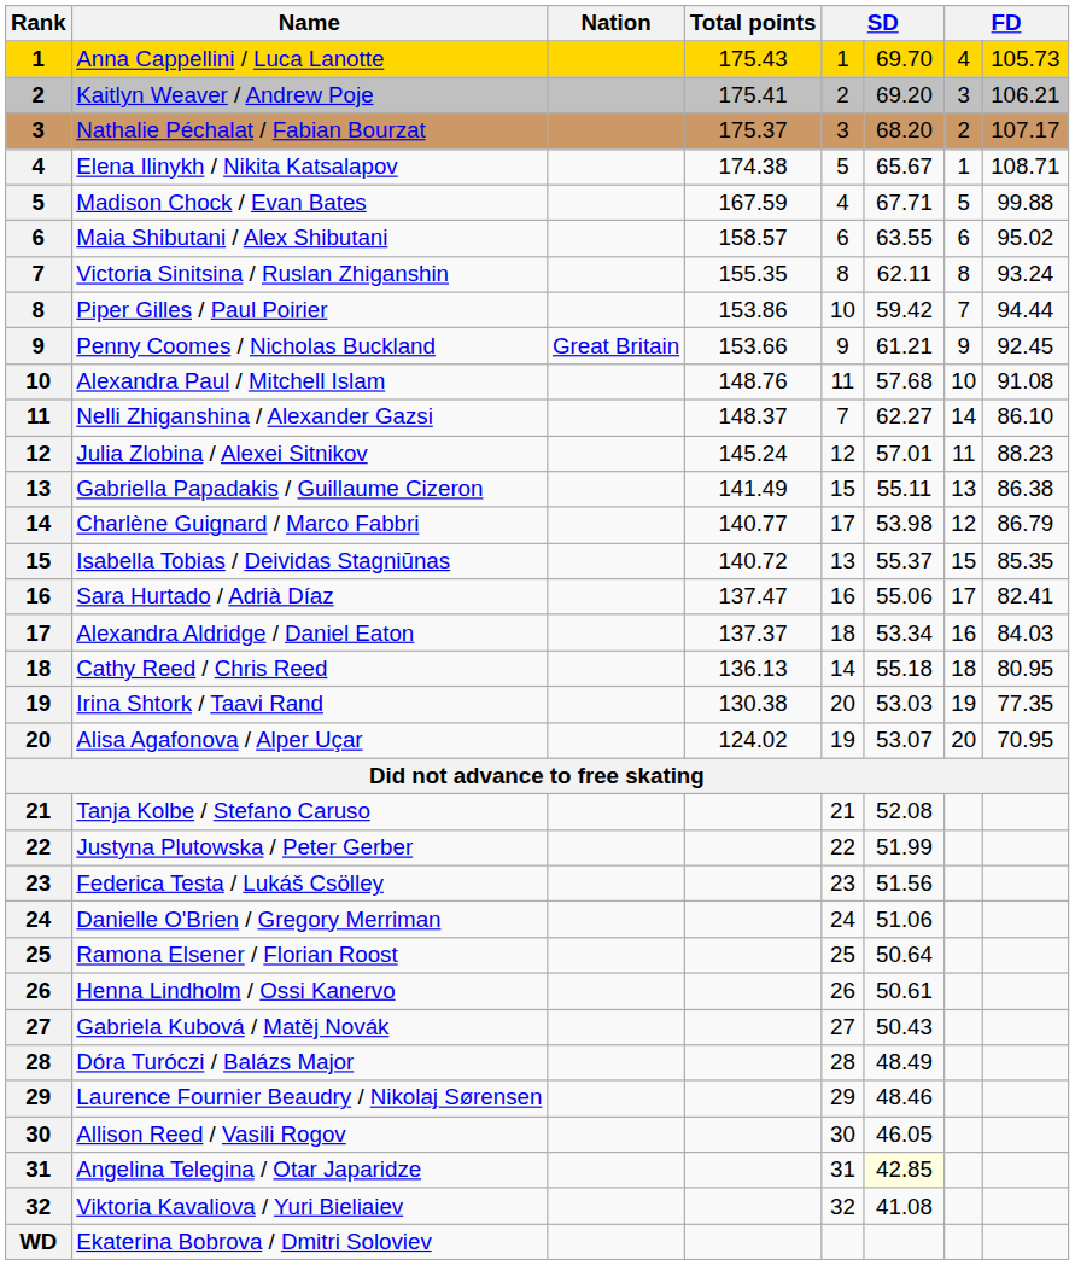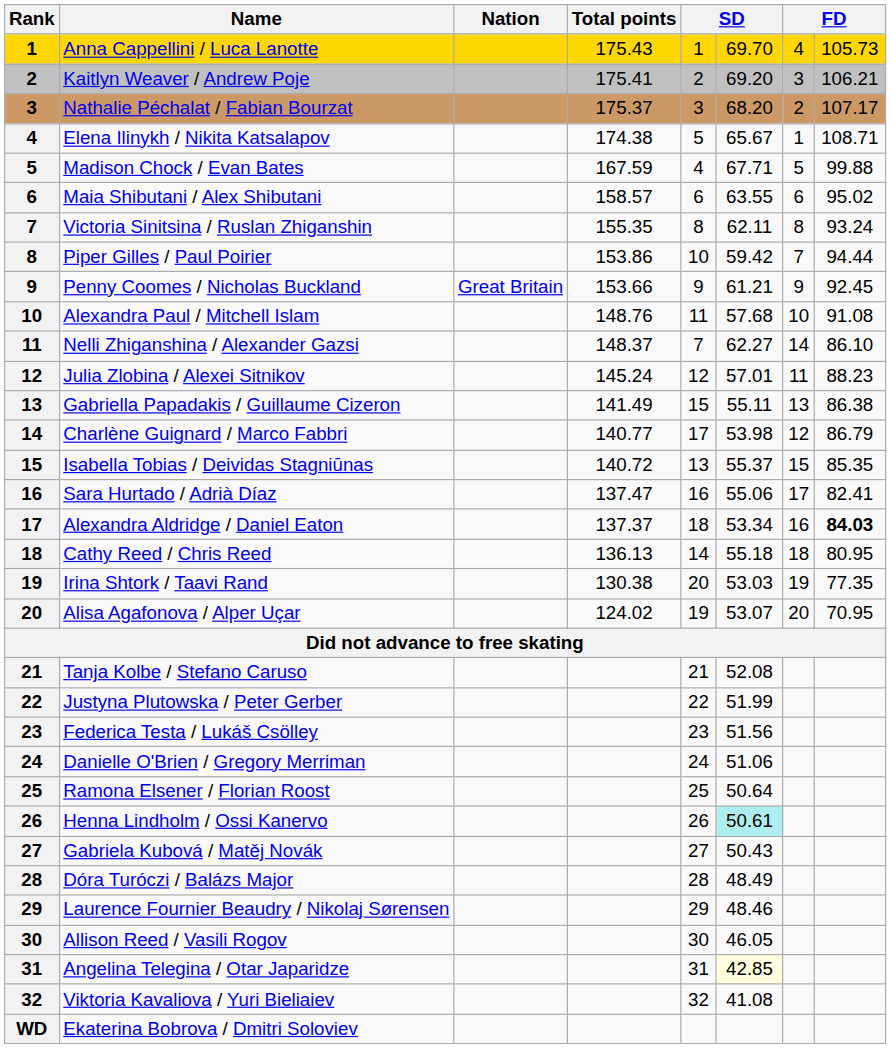 <table class="wikitable sortable">
 <tr>
 <th>Rank</th>
 <th>Name</th>
 <th>Nation</th>
 <th>Total points</th>
 <th colspan="2" width="80px"><a href='#'>SD</a></th>
 <th colspan="2" width="80px"><a href='#'>FD</a></th>
 </tr>
 <tr bgcolor="gold">
 <td align="center"><strong>1</strong></td>
 <td><a href='#'>Anna Cappellini</a> / <a href='#'>Luca Lanotte</a></td>
 <td></td>
 <td align="center">175.43</td>
 <td align="center">1</td>
 <td align="center">69.70</td>
 <td align="center">4</td>
 <td align="center">105.73</td>
 </tr>
 <tr bgcolor="silver">
 <td align="center"><strong>2</strong></td>
 <td><a href='#'>Kaitlyn Weaver</a> / <a href='#'>Andrew Poje</a></td>
 <td></td>
 <td align="center">175.41</td>
 <td align="center">2</td>
 <td align="center">69.20</td>
 <td align="center">3</td>
 <td align="center">106.21</td>
 </tr>
 <tr bgcolor="cc9966">
 <td align="center"><strong>3</strong></td>
 <td><a href='#'>Nathalie Péchalat</a> / <a href='#'>Fabian Bourzat</a></td>
 <td></td>
 <td align="center">175.37</td>
 <td align="center">3</td>
 <td align="center">68.20</td>
 <td align="center">2</td>
 <td align="center">107.17</td>
 </tr>
 <tr>
 <th>4</th>
 <td><a href='#'>Elena Ilinykh</a> / <a href='#'>Nikita Katsalapov</a></td>
 <td></td>
 <td align="center">174.38</td>
 <td align="center">5</td>
 <td align="center">65.67</td>
 <td align="center">1</td>
 <td align="center">108.71</td>
 </tr>
 <tr>
 <th>5</th>
 <td><a href='#'>Madison Chock</a> / <a href='#'>Evan Bates</a></td>
 <td></td>
 <td align="center">167.59</td>
 <td align="center">4</td>
 <td align="center">67.71</td>
 <td align="center">5</td>
 <td align="center">99.88</td>
 </tr>
 <tr>
 <th>6</th>
 <td><a href='#'>Maia Shibutani</a> / <a href='#'>Alex Shibutani</a></td>
 <td></td>
 <td align="center">158.57</td>
 <td align="center">6</td>
 <td align="center">63.55</td>
 <td align="center">6</td>
 <td align="center">95.02</td>
 </tr>
 <tr>
 <th>7</th>
 <td><a href='#'>Victoria Sinitsina</a> / <a href='#'>Ruslan Zhiganshin</a></td>
 <td></td>
 <td align="center">155.35</td>
 <td align="center">8</td>
 <td align="center">62.11</td>
 <td align="center">8</td>
 <td align="center">93.24</td>
 </tr>
 <tr>
 <th>8</th>
 <td><a href='#'>Piper Gilles</a> / <a href='#'>Paul Poirier</a></td>
 <td></td>
 <td align="center">153.86</td>
 <td align="center">10</td>
 <td align="center">59.42</td>
 <td align="center">7</td>
 <td align="center">94.44</td>
 </tr>
 <tr>
 <th>9</th>
 <td><a href='#'>Penny Coomes</a> / <a href='#'>Nicholas Buckland</a></td>
 <td> <a href='#'>Great Britain</a></td>
 <td align="center">153.66</td>
 <td align="center">9</td>
 <td align="center">61.21</td>
 <td align="center">9</td>
 <td align="center">92.45</td>
 </tr>
 <tr>
 <th>10</th>
 <td><a href='#'>Alexandra Paul</a> / <a href='#'>Mitchell Islam</a></td>
 <td></td>
 <td align="center">148.76</td>
 <td align="center">11</td>
 <td align="center">57.68</td>
 <td align="center">10</td>
 <td align="center">91.08</td>
 </tr>
 <tr>
 <th>11</th>
 <td><a href='#'>Nelli Zhiganshina</a> / <a href='#'>Alexander Gazsi</a></td>
 <td></td>
 <td align="center">148.37</td>
 <td align="center">7</td>
 <td align="center">62.27</td>
 <td align="center">14</td>
 <td align="center">86.10</td>
 </tr>
 <tr>
 <th>12</th>
 <td><a href='#'>Julia Zlobina</a> / <a href='#'>Alexei Sitnikov</a></td>
 <td></td>
 <td align="center">145.24</td>
 <td align="center">12</td>
 <td align="center">57.01</td>
 <td align="center">11</td>
 <td align="center">88.23</td>
 </tr>
 <tr>
 <th>13</th>
 <td><a href='#'>Gabriella Papadakis</a> / <a href='#'>Guillaume Cizeron</a></td>
 <td></td>
 <td align="center">141.49</td>
 <td align="center">15</td>
 <td align="center">55.11</td>
 <td align="center">13</td>
 <td align="center">86.38</td>
 </tr>
 <tr>
 <th>14</th>
 <td><a href='#'>Charlène Guignard</a> / <a href='#'>Marco Fabbri</a></td>
 <td></td>
 <td align="center">140.77</td>
 <td align="center">17</td>
 <td align="center">53.98</td>
 <td align="center">12</td>
 <td align="center">86.79</td>
 </tr>
 <tr>
 <th>15</th>
 <td><a href='#'>Isabella Tobias</a> / <a href='#'>Deividas Stagniūnas</a></td>
 <td></td>
 <td align="center">140.72</td>
 <td align="center">13</td>
 <td align="center">55.37</td>
 <td align="center">15</td>
 <td align="center">85.35</td>
 </tr>
 <tr>
 <th>16</th>
 <td><a href='#'>Sara Hurtado</a> / <a href='#'>Adrià Díaz</a></td>
 <td></td>
 <td align="center">137.47</td>
 <td align="center">16</td>
 <td align="center">55.06</td>
 <td align="center">17</td>
 <td align="center">82.41</td>
 </tr>
 <tr>
 <th>17</th>
 <td><a href='#'>Alexandra Aldridge</a> / <a href='#'>Daniel Eaton</a></td>
 <td></td>
 <td align="center">137.37</td>
 <td align="center">18</td>
 <td align="center">53.34</td>
 <td align="center">16</td>
-<td align="center">84.03</td>
+<td align="center"><strong>84.03</strong></td>
 </tr>
 <tr>
 <th>18</th>
 <td><a href='#'>Cathy Reed</a> / <a href='#'>Chris Reed</a></td>
 <td></td>
 <td align="center">136.13</td>
 <td align="center">14</td>
 <td align="center">55.18</td>
 <td align="center">18</td>
 <td style="text-align: center;">80.95</td>
 </tr>
 <tr>
 <th>19</th>
 <td><a href='#'>Irina Shtork</a> / <a href='#'>Taavi Rand</a></td>
 <td></td>
 <td align="center">130.38</td>
 <td align="center">20</td>
 <td align="center">53.03</td>
 <td align="center">19</td>
 <td align="center">77.35</td>
 </tr>
 <tr>
 <th>20</th>
 <td><a href='#'>Alisa Agafonova</a> / <a href='#'>Alper Uçar</a></td>
 <td></td>
 <td align="center">124.02</td>
 <td align="center">19</td>
 <td align="center">53.07</td>
 <td align="center">20</td>
 <td align="center">70.95</td>
 </tr>
 <tr>
 <th colspan="10">Did not advance to free skating</th>
 </tr>
 <tr>
 <th>21</th>
 <td><a href='#'>Tanja Kolbe</a> / <a href='#'>Stefano Caruso</a></td>
 <td></td>
 <td align="center"></td>
 <td align="center">21</td>
 <td align="center">52.08</td>
 <td align="center"></td>
 <td align="center"></td>
 </tr>
 <tr>
 <th>22</th>
 <td><a href='#'>Justyna Plutowska</a> / <a href='#'>Peter Gerber</a></td>
 <td></td>
 <td align="center"></td>
 <td align="center">22</td>
 <td align="center">51.99</td>
 <td align="center"></td>
 <td align="center"></td>
 </tr>
 <tr>
 <th>23</th>
 <td><a href='#'>Federica Testa</a> / <a href='#'>Lukáš Csölley</a></td>
 <td></td>
 <td align="center"></td>
 <td align="center">23</td>
 <td align="center">51.56</td>
 <td align="center"></td>
 <td align="center"></td>
 </tr>
 <tr>
 <th>24</th>
 <td><a href='#'>Danielle O'Brien</a> / <a href='#'>Gregory Merriman</a></td>
 <td></td>
 <td align="center"></td>
 <td align="center">24</td>
 <td align="center">51.06</td>
 <td align="center"></td>
 <td align="center"></td>
 </tr>
 <tr>
 <th>25</th>
 <td><a href='#'>Ramona Elsener</a> / <a href='#'>Florian Roost</a></td>
 <td></td>
 <td align="center"></td>
 <td align="center">25</td>
 <td align="center">50.64</td>
 <td align="center"></td>
 <td align="center"></td>
 </tr>
 <tr>
 <th>26</th>
 <td><a href='#'>Henna Lindholm</a> / <a href='#'>Ossi Kanervo</a></td>
 <td></td>
 <td align="center"></td>
 <td align="center">26</td>
-<td align="center">50.61</td>
+<td align="center" style="background: paleturquoise;">50.61</td>
 <td align="center"></td>
 <td align="center"></td>
 </tr>
 <tr>
 <th>27</th>
 <td><a href='#'>Gabriela Kubová</a> / <a href='#'>Matěj Novák</a></td>
 <td></td>
 <td align="center"></td>
 <td align="center">27</td>
 <td align="center">50.43</td>
 <td align="center"></td>
 <td align="center"></td>
 </tr>
 <tr>
 <th>28</th>
 <td><a href='#'>Dóra Turóczi</a> / <a href='#'>Balázs Major</a></td>
 <td></td>
 <td align="center"></td>
 <td align="center">28</td>
 <td align="center">48.49</td>
 <td align="center"></td>
 <td align="center"></td>
 </tr>
 <tr>
 <th>29</th>
 <td><a href='#'>Laurence Fournier Beaudry</a> / <a href='#'>Nikolaj Sørensen</a></td>
 <td></td>
 <td align="center"></td>
 <td align="center">29</td>
 <td align="center">48.46</td>
 <td align="center"></td>
 <td align="center"></td>
 </tr>
 <tr>
 <th>30</th>
 <td><a href='#'>Allison Reed</a> / <a href='#'>Vasili Rogov</a></td>
 <td></td>
 <td align="center"></td>
 <td align="center">30</td>
 <td align="center">46.05</td>
 <td align="center"></td>
 <td align="center"></td>
 </tr>
 <tr>
 <th>31</th>
 <td><a href='#'>Angelina Telegina</a> / <a href='#'>Otar Japaridze</a></td>
 <td></td>
 <td align="center"></td>
 <td align="center">31</td>
 <td align="center" style="background: lightyellow;">42.85</td>
 <td align="center"></td>
 <td align="center"></td>
 </tr>
 <tr>
 <th>32</th>
 <td><a href='#'>Viktoria Kavaliova</a> / <a href='#'>Yuri Bieliaiev</a></td>
 <td></td>
 <td align="center"></td>
 <td align="center">32</td>
 <td align="center">41.08</td>
 <td align="center"></td>
 <td align="center"></td>
 </tr>
 <tr>
 <th>WD</th>
 <td><a href='#'>Ekaterina Bobrova</a> / <a href='#'>Dmitri Soloviev</a></td>
 <td></td>
 <td align="center"></td>
 <td align="center"></td>
 <td align="center"></td>
 <td align="center"></td>
 <td align="center"></td>
 </tr>
 </table>
